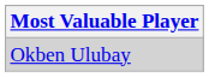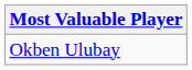 <table class=wikitable>
 <tr>
 <th><a href='#'>Most Valuable Player</a></th>
 </tr>
 <tr>
-<td style="background: lightgrey;"> <a href='#'>Okben Ulubay</a></td>
+<td> <a href='#'>Okben Ulubay</a></td>
 </tr>
 </table>
